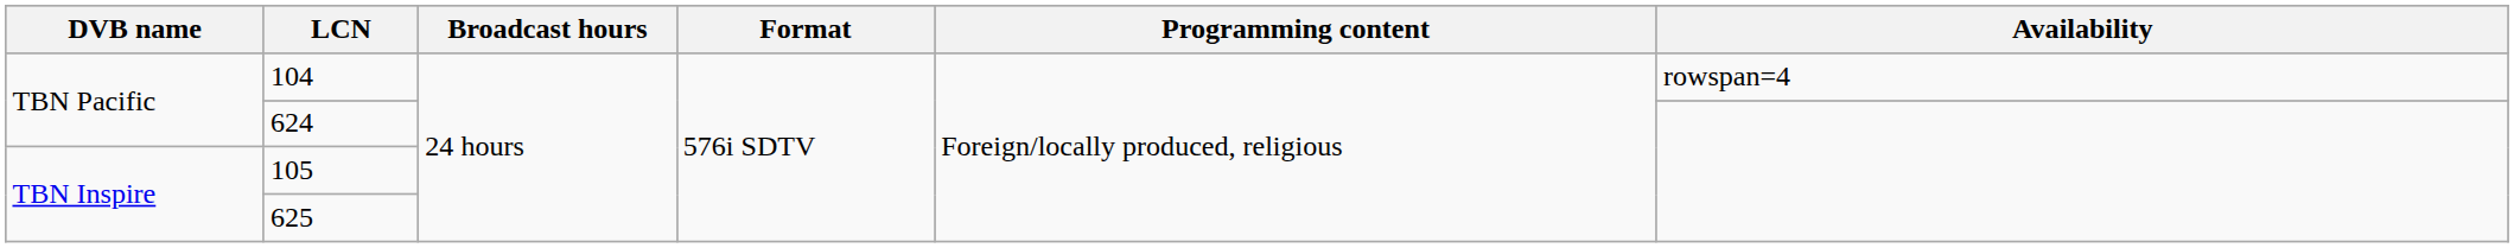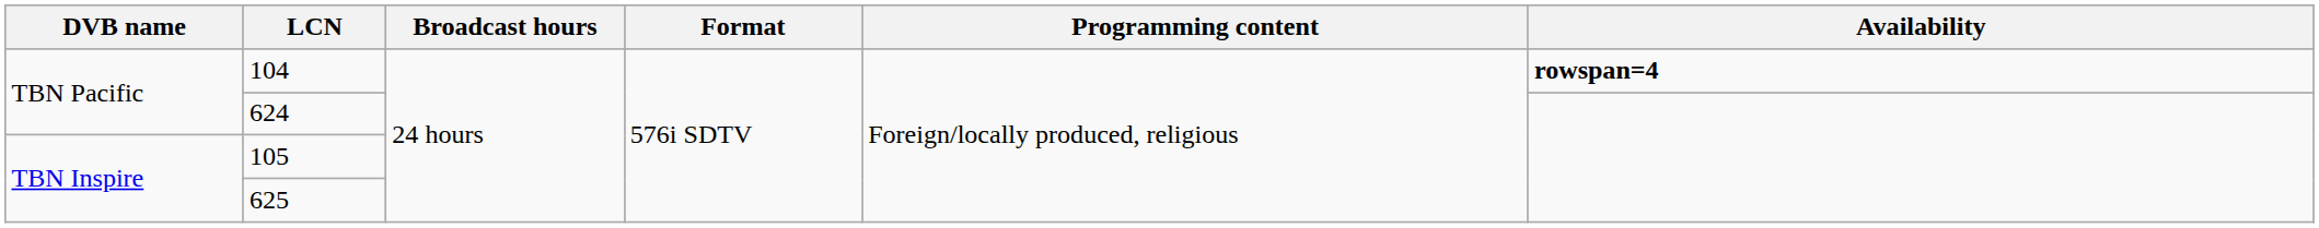 <table class="wikitable" style="font-size:90%; width:100%;">
 <tr>
 <th width="10%">DVB name</th>
 <th width="6%">LCN</th>
 <th width="10%">Broadcast hours</th>
 <th width="10%">Format</th>
 <th width="28%">Programming content</th>
 <th width="33%">Availability</th>
 </tr>
 <tr>
 <td rowspan=2>TBN Pacific</td>
 <td>104</td>
 <td rowspan=4>24 hours</td>
 <td rowspan=4>576i SDTV</td>
 <td rowspan=4>Foreign/locally produced, religious</td>
-<td>rowspan=4 </td>
+<td><strong>rowspan=4 </strong></td>
 </tr>
 <tr>
 <td>624</td>
 </tr>
 <tr>
 <td rowspan=2><a href='#'>TBN Inspire</a></td>
 <td>105</td>
 </tr>
 <tr>
 <td>625</td>
 </tr>
 </table>
